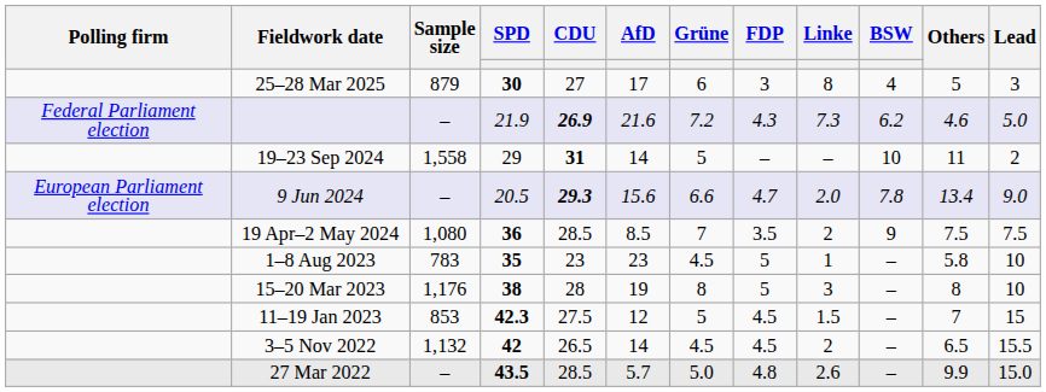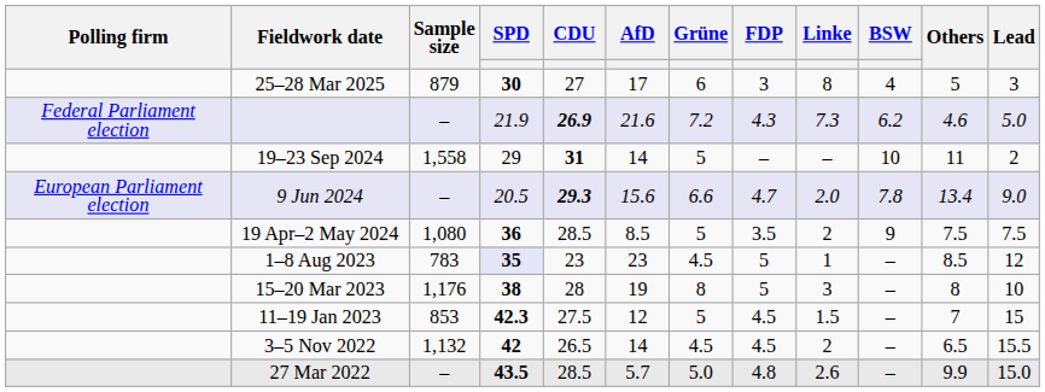 <table class="wikitable sortable" style="text-align:center;font-size:90%;line-height:14px;">
 <tr style="height:40px;">
 <th style="width:160px;" rowspan="2">Polling firm</th>
 <th style="width:125px;" rowspan="2">Fieldwork date</th>
 <th style="width:35px;" rowspan="2">Sample<br>size</th>
 <th class="unsortable" style="width:40px;"><a href='#'>SPD</a></th>
 <th class="unsortable" style="width:40px;"><a href='#'>CDU</a></th>
 <th class="unsortable" style="width:40px;"><a href='#'>AfD</a></th>
 <th class="unsortable" style="width:40px;"><a href='#'>Grüne</a></th>
 <th class="unsortable" style="width:40px;"><a href='#'>FDP</a></th>
 <th class="unsortable" style="width:40px;"><a href='#'>Linke</a></th>
 <th class="unsortable" style="width:40px;"><a href='#'>BSW</a></th>
 <th class="unsortable" style="width:40px;" rowspan="2">Others</th>
 <th style="width:30px;" rowspan="2">Lead</th>
 </tr>
 <tr>
 <th style="background:"></th>
 <th style="background:"></th>
 <th style="background:"></th>
 <th style="background:"></th>
 <th style="background:"></th>
 <th style="background:"></th>
 <th style="background:"></th>
 </tr>
 <tr>
 <td></td>
 <td>25–28 Mar 2025</td>
 <td>879</td>
 <td><strong>30</strong></td>
 <td>27</td>
 <td>17</td>
 <td>6</td>
 <td>3</td>
 <td>8</td>
 <td>4</td>
 <td>5</td>
 <td style="background:">3</td>
 </tr>
 <tr style="background:#E5E5F5;font-style:italic;">
 <td><a href='#'>Federal Parliament election</a></td>
 <td></td>
 <td>–</td>
 <td>21.9</td>
 <td><strong>26.9</strong></td>
 <td>21.6</td>
 <td>7.2</td>
 <td>4.3</td>
 <td>7.3</td>
 <td>6.2</td>
 <td>4.6</td>
 <td style="background:">5.0</td>
 </tr>
 <tr>
 <td></td>
 <td>19–23 Sep 2024</td>
 <td>1,558</td>
 <td>29</td>
 <td><strong>31</strong></td>
 <td>14</td>
 <td>5</td>
 <td>–</td>
 <td>–</td>
 <td>10</td>
 <td>11</td>
 <td style="background:">2</td>
 </tr>
 <tr style="background:#E5E5F5;font-style:italic;">
 <td><a href='#'>European Parliament election</a></td>
 <td data-sort-value="2024-06-09">9 Jun 2024</td>
 <td>–</td>
 <td>20.5</td>
 <td><strong>29.3</strong></td>
 <td>15.6</td>
 <td>6.6</td>
 <td>4.7</td>
 <td>2.0</td>
 <td>7.8</td>
 <td>13.4</td>
 <td style="background:">9.0</td>
 </tr>
 <tr>
 <td></td>
 <td>19 Apr–2 May 2024</td>
 <td>1,080</td>
 <td><strong>36</strong></td>
 <td>28.5</td>
 <td>8.5</td>
-<td>7</td>
+<td>5</td>
 <td>3.5</td>
 <td>2</td>
 <td>9</td>
 <td>7.5</td>
 <td style="background:">7.5</td>
 </tr>
 <tr>
 <td></td>
 <td>1–8 Aug 2023</td>
 <td>783</td>
-<td><strong>35</strong></td>
+<td style="background: lavender;"><strong>35</strong></td>
 <td>23</td>
 <td>23</td>
 <td>4.5</td>
 <td>5</td>
 <td>1</td>
 <td>–</td>
-<td>5.8</td>
-<td style="background:">10</td>
+<td>8.5</td>
+<td style="background:">12</td>
 </tr>
 <tr>
 <td></td>
 <td data-sort-value="2023-03-20">15–20 Mar 2023</td>
 <td>1,176</td>
 <td><strong>38</strong></td>
 <td>28</td>
 <td>19</td>
 <td>8</td>
 <td>5</td>
 <td>3</td>
 <td>–</td>
 <td>8</td>
 <td style="background:">10</td>
 </tr>
 <tr>
 <td></td>
 <td data-sort-value="2023-01-19">11–19 Jan 2023</td>
 <td>853</td>
 <td><strong>42.3</strong></td>
 <td>27.5</td>
 <td>12</td>
 <td>5</td>
 <td>4.5</td>
 <td>1.5</td>
 <td>–</td>
 <td>7</td>
 <td style="background:">15</td>
 </tr>
 <tr>
 <td></td>
 <td data-sort-value="2022-11-05">3–5 Nov 2022</td>
 <td>1,132</td>
 <td><strong>42</strong></td>
 <td>26.5</td>
 <td>14</td>
 <td>4.5</td>
 <td>4.5</td>
 <td>2</td>
 <td>–</td>
 <td>6.5</td>
 <td style="background:">15.5</td>
 </tr>
 <tr style="background:#E9E9E9;">
 <td></td>
 <td data-sort-value="2022-03-27">27 Mar 2022</td>
 <td>–</td>
 <td><strong>43.5</strong></td>
 <td>28.5</td>
 <td>5.7</td>
 <td>5.0</td>
 <td>4.8</td>
 <td>2.6</td>
 <td>–</td>
 <td>9.9</td>
 <td style="background:">15.0</td>
 </tr>
 </table>
